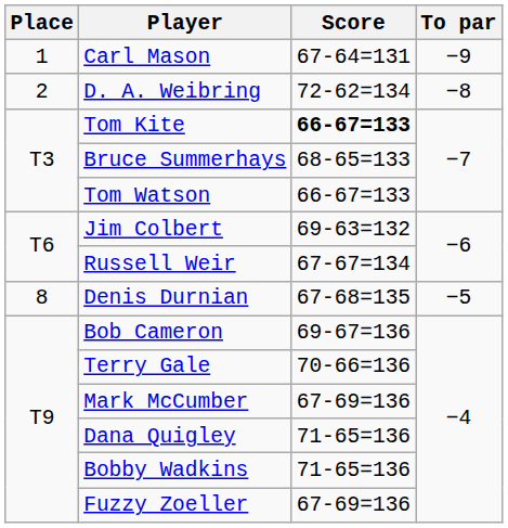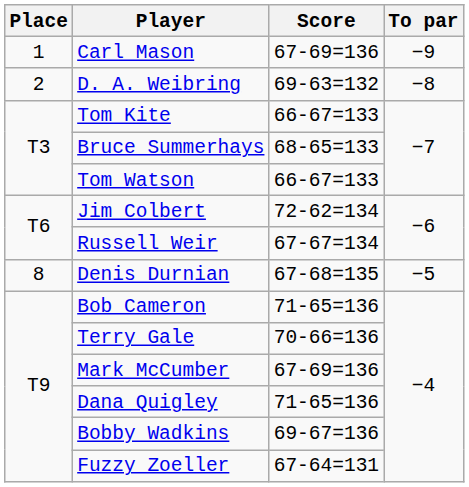 <table class="wikitable">
 <tr>
 <th>Place</th>
 <th>Player</th>
 <th>Score</th>
 <th>To par</th>
 </tr>
 <tr>
 <td align=center>1</td>
 <td> <a href='#'>Carl Mason</a></td>
-<td>67-64=131</td>
+<td>67-69=136</td>
 <td align=center>−9</td>
 </tr>
 <tr>
 <td align=center>2</td>
 <td> <a href='#'>D. A. Weibring</a></td>
-<td align=center>72-62=134</td>
+<td>69-63=132</td>
 <td align=center>−8</td>
 </tr>
 <tr>
 <td rowspan=3 align=center>T3</td>
 <td> <a href='#'>Tom Kite</a></td>
-<td><strong>66-67=133</strong></td>
+<td>66-67=133</td>
 <td rowspan=3 align=center>−7</td>
 </tr>
 <tr>
 <td> <a href='#'>Bruce Summerhays</a></td>
 <td>68-65=133</td>
 </tr>
 <tr>
 <td> <a href='#'>Tom Watson</a></td>
 <td>66-67=133</td>
 </tr>
 <tr>
 <td rowspan=2 align=center>T6</td>
 <td> <a href='#'>Jim Colbert</a></td>
-<td>69-63=132</td>
+<td align=center>72-62=134</td>
 <td rowspan=2 align=center>−6</td>
 </tr>
 <tr>
 <td> <a href='#'>Russell Weir</a></td>
 <td>67-67=134</td>
 </tr>
 <tr>
 <td align=center>8</td>
 <td> <a href='#'>Denis Durnian</a></td>
 <td align=center>67-68=135</td>
 <td align=center>−5</td>
 </tr>
 <tr>
 <td rowspan=6 align=center>T9</td>
 <td> <a href='#'>Bob Cameron</a></td>
-<td align=center>69-67=136</td>
+<td>71-65=136</td>
 <td rowspan=6 align=center>−4</td>
 </tr>
 <tr>
 <td> <a href='#'>Terry Gale</a></td>
 <td>70-66=136</td>
 </tr>
 <tr>
 <td> <a href='#'>Mark McCumber</a></td>
 <td>67-69=136</td>
 </tr>
 <tr>
 <td> <a href='#'>Dana Quigley</a></td>
 <td>71-65=136</td>
 </tr>
 <tr>
 <td> <a href='#'>Bobby Wadkins</a></td>
-<td>71-65=136</td>
+<td align=center>69-67=136</td>
 </tr>
 <tr>
 <td> <a href='#'>Fuzzy Zoeller</a></td>
-<td>67-69=136</td>
+<td>67-64=131</td>
 </tr>
 </table>
